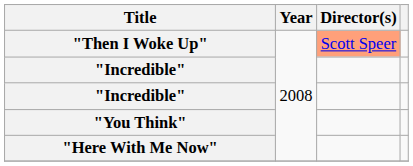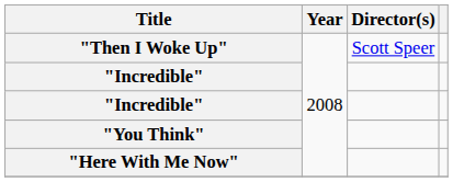 <table class="wikitable sortable plainrowheaders" style="text-align:center;">
 <tr>
 <th scope="col" style="width:16em;">Title</th>
 <th scope="col">Year</th>
 <th scope="col">Director(s)</th>
 <th scope="col"></th>
 </tr>
 <tr>
 <th scope="row">"Then I Woke Up"</th>
 <td rowspan="5">2008</td>
-<td style="background: lightsalmon;"><a href='#'>Scott Speer</a></td>
+<td><a href='#'>Scott Speer</a></td>
 <td></td>
 </tr>
 <tr>
 <th scope="row">"Incredible"</th>
 <td></td>
 <td></td>
 </tr>
 <tr>
 <th scope="row">"Incredible" </th>
 <td></td>
 <td></td>
 </tr>
 <tr>
 <th scope="row">"You Think" </th>
 <td></td>
 <td></td>
 </tr>
 <tr>
 <th scope="row">"Here With Me Now"</th>
 <td></td>
 <td></td>
 </tr>
 <tr>
 </tr>
 </table>
